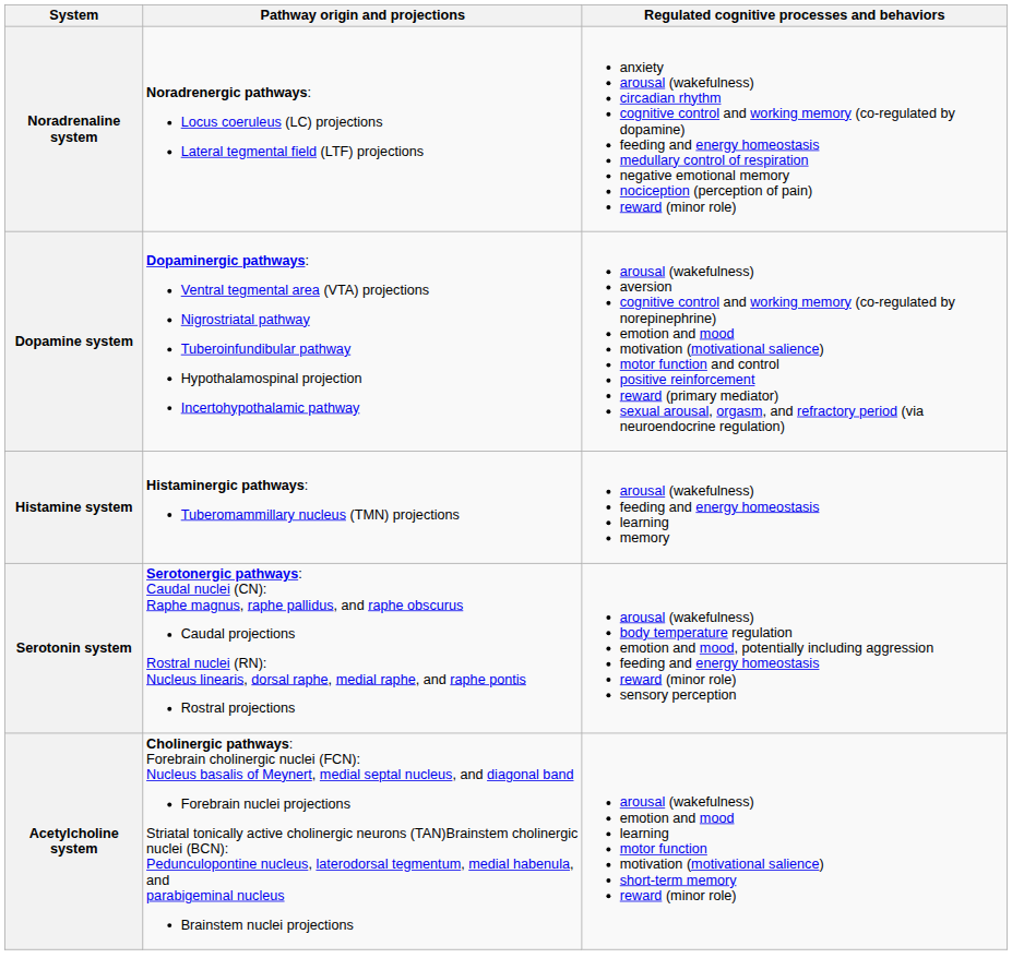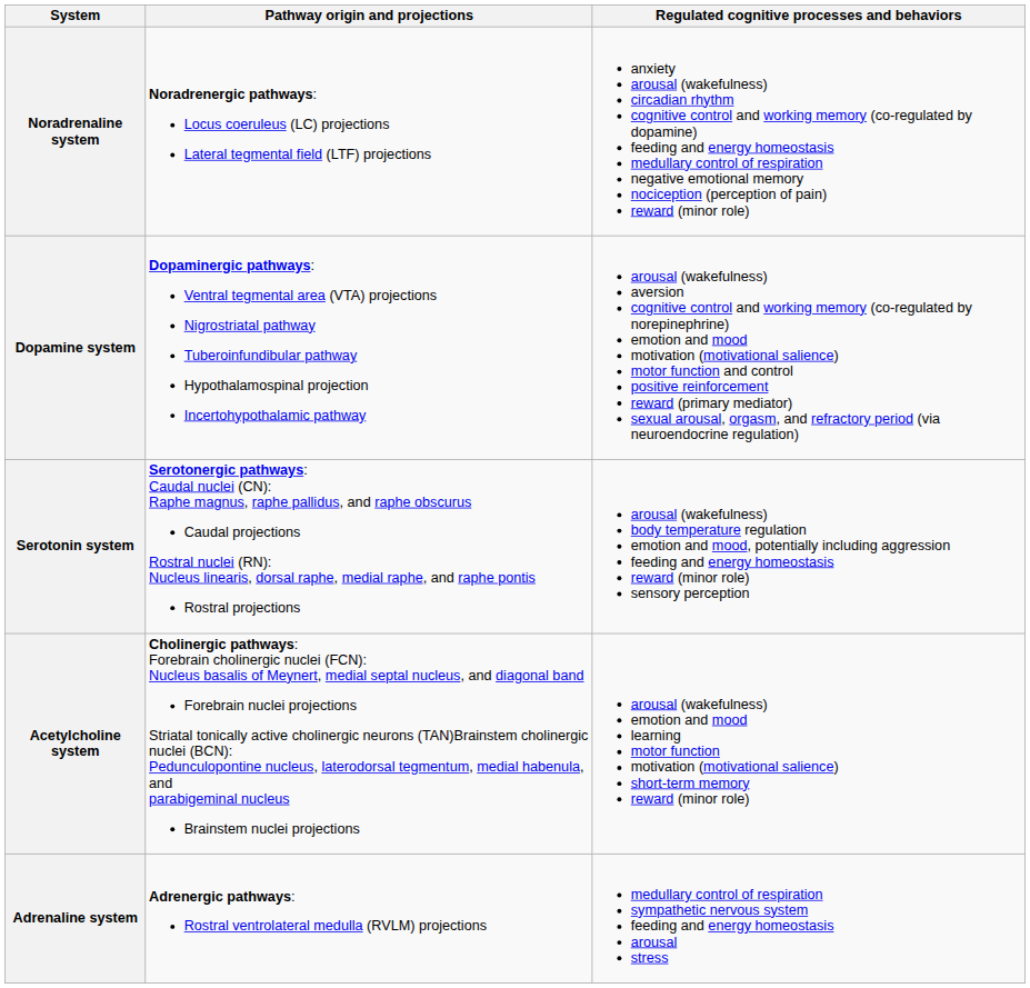 <table class="wikitable" style="width:92%">
 <tr>
 <th>System</th>
 <th>Pathway origin and projections</th>
 <th>Regulated cognitive processes and behaviors</th>
 </tr>
 <tr>
 <th id=Noradrenaline>Noradrenaline system<br></th>
 <td><strong>Noradrenergic pathways</strong>:<br><ul><li><a href='#'>Locus coeruleus</a> (LC) projections</li></ul><ul><li><a href='#'>Lateral tegmental field</a> (LTF) projections</li></ul></td>
 <td><br><ul><li>anxiety</li><li><a href='#'>arousal</a> (wakefulness)</li><li><a href='#'>circadian rhythm</a></li><li><a href='#'>cognitive control</a> and <a href='#'>working memory</a> (co-regulated by dopamine)</li><li>feeding and <a href='#'>energy homeostasis</a></li><li><a href='#'>medullary control of respiration</a></li><li>negative emotional memory</li><li><a href='#'>nociception</a> (perception of pain)</li><li><a href='#'>reward</a> (minor role)</li></ul></td>
 </tr>
 <tr>
 <th id=Dopamine>Dopamine system<br></th>
 <td><strong><a href='#'>Dopaminergic pathways</a></strong>:<br><ul><li><a href='#'>Ventral tegmental area</a> (VTA) projections</li></ul><ul><li><a href='#'>Nigrostriatal pathway</a></li></ul><ul><li><a href='#'>Tuberoinfundibular pathway</a></li></ul><ul><li>Hypothalamospinal projection</li></ul><ul><li><a href='#'>Incertohypothalamic pathway</a></li></ul></td>
 <td><br><ul><li><a href='#'>arousal</a> (wakefulness)</li><li>aversion</li><li><a href='#'>cognitive control</a> and <a href='#'>working memory</a> (co-regulated by norepinephrine)</li><li>emotion and <a href='#'>mood</a></li><li>motivation (<a href='#'>motivational salience</a>)</li><li><a href='#'>motor function</a> and control</li><li><a href='#'>positive reinforcement</a></li><li><a href='#'>reward</a> (primary mediator)</li><li><a href='#'>sexual arousal</a>, <a href='#'>orgasm</a>, and <a href='#'>refractory period</a> (via neuroendocrine regulation)</li></ul></td>
 </tr>
 <tr>
-<th id=Histamine>Histamine system<br></th>
-<td><strong>Histaminergic pathways</strong>:<br><ul><li><a href='#'>Tuberomammillary nucleus</a> (TMN) projections</li></ul></td>
-<td><br><ul><li><a href='#'>arousal</a> (wakefulness)</li><li>feeding and <a href='#'>energy homeostasis</a></li><li>learning</li><li>memory</li></ul></td>
-</tr>
-<tr>
 <th id=Serotonin>Serotonin system<br></th>
 <td><strong><a href='#'>Serotonergic pathways</a></strong>:<br><a href='#'>Caudal nuclei</a> (CN):<br> <a href='#'>Raphe magnus</a>, <a href='#'>raphe pallidus</a>, and <a href='#'>raphe obscurus</a><ul><li>Caudal projections</li></ul><a href='#'>Rostral nuclei</a> (RN):<br> <a href='#'>Nucleus linearis</a>, <a href='#'>dorsal raphe</a>, <a href='#'>medial raphe</a>, and <a href='#'>raphe pontis</a><ul><li>Rostral projections</li></ul></td>
 <td><br><ul><li><a href='#'>arousal</a> (wakefulness)</li><li><a href='#'>body temperature</a> regulation</li><li>emotion and <a href='#'>mood</a>, potentially including aggression</li><li>feeding and <a href='#'>energy homeostasis</a></li><li><a href='#'>reward</a> (minor role)</li><li>sensory perception</li></ul></td>
 </tr>
 <tr>
 <th id=Acetylcholine>Acetylcholine system<br></th>
 <td><strong>Cholinergic pathways</strong>:<br>Forebrain cholinergic nuclei (FCN):<br> <a href='#'>Nucleus basalis of Meynert</a>, <a href='#'>medial septal nucleus</a>, and <a href='#'>diagonal band</a><ul><li>Forebrain nuclei projections</li></ul>Striatal tonically active cholinergic neurons (TAN)Brainstem cholinergic nuclei (BCN):<br> <a href='#'>Pedunculopontine nucleus</a>, <a href='#'>laterodorsal tegmentum</a>, <a href='#'>medial habenula</a>, and<br><a href='#'>parabigeminal nucleus</a><ul><li>Brainstem nuclei projections</li></ul></td>
 <td><br><ul><li><a href='#'>arousal</a> (wakefulness)</li><li>emotion and <a href='#'>mood</a></li><li>learning</li><li><a href='#'>motor function</a></li><li>motivation (<a href='#'>motivational salience</a>)</li><li><a href='#'>short-term memory</a></li><li><a href='#'>reward</a> (minor role)</li></ul></td>
 </tr>
+<tr>
+<th id=Adrenaline>Adrenaline system<br></th>
+<td><strong>Adrenergic pathways</strong>:<br><ul><li><a href='#'>Rostral ventrolateral medulla</a> (RVLM) projections</li></ul></td>
+<td><br><ul><li><a href='#'>medullary control of respiration</a></li><li><a href='#'>sympathetic nervous system</a></li><li>feeding and <a href='#'>energy homeostasis</a></li><li><a href='#'>arousal</a></li><li><a href='#'>stress</a></li></ul></td>
+</tr>
 </table>
